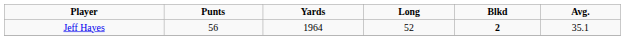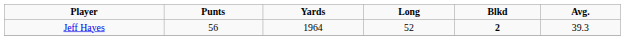 <table class="wikitable" width="80%">
 <tr align="center">
 <td><strong>Player</strong></td>
 <td><strong>Punts</strong></td>
 <td><strong>Yards</strong></td>
 <td><strong>Long</strong></td>
 <td><strong>Blkd</strong></td>
 <td><strong>Avg.</strong></td>
 </tr>
 <tr align="center" bgcolor="">
 <td><a href='#'>Jeff Hayes</a></td>
 <td>56</td>
 <td>1964</td>
 <td>52</td>
 <td><strong>2</strong></td>
-<td>35.1</td>
+<td>39.3</td>
 </tr>
 <tr align="center" bgcolor="">
 </tr>
 </table>
